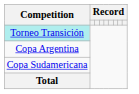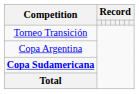 <table class="wikitable" style="text-align: center">
 <tr>
 <th rowspan=2>Competition</th>
 <th colspan=8>Record</th>
 </tr>
 <tr>
 <th></th>
 <th></th>
 <th></th>
 <th></th>
 <th></th>
 <th></th>
 <th></th>
 <th></th>
 </tr>
 <tr>
-<td style="background: paleturquoise;"><a href='#'>Torneo Transición</a><br></td>
+<td><a href='#'>Torneo Transición</a><br></td>
 </tr>
 <tr>
 <td><a href='#'>Copa Argentina</a><br></td>
 </tr>
 <tr>
-<td><a href='#'>Copa Sudamericana</a><br></td>
+<td><strong><a href='#'>Copa Sudamericana</a><br></strong></td>
 </tr>
 <tr>
 <th>Total<br></th>
 </tr>
 </table>
